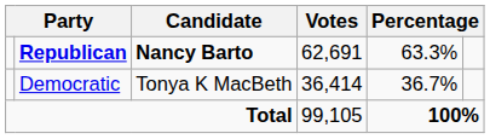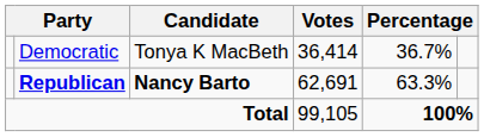 <table class="wikitable" style="text-align:right;">
 <tr style="background-color:#E9E9E9;text-align:center;">
 <th colspan=2>Party</th>
 <th>Candidate</th>
 <th>Votes</th>
 <th colspan=2>Percentage</th>
+</tr>
+<tr>
+<td style="background-color:"></td>
+<td style="text-align:left;"><a href='#'>Democratic</a></td>
+<td style="text-align:left;">Tonya K MacBeth</td>
+<td style="text-align:right;">36,414</td>
+<td style="text-align:right;">36.7%</td>
+<td style="text-align:right;"><div><div> </div></div></td>
 </tr>
 <tr>
 <td style="background-color:"></td>
 <td style="text-align:left;"><strong><a href='#'>Republican</a></strong></td>
 <td style="text-align:left;"><strong>Nancy Barto</strong></td>
 <td style="text-align:right;">62,691</td>
 <td style="text-align:right;">63.3%</td>
 <td style="text-align:right;"><div><div> </div></div></td>
 </tr>
 <tr>
-<td style="background-color:"></td>
-<td style="text-align:left;"><a href='#'>Democratic</a></td>
-<td style="text-align:left;">Tonya K MacBeth</td>
-<td style="text-align:right;">36,414</td>
-<td style="text-align:right;">36.7%</td>
-<td style="text-align:right;"><div><div> </div></div></td>
-</tr>
-<tr>
 <td colspan="3" style="text-align:right;"><strong>Total</strong></td>
 <td style="text-align:right;">99,105</td>
 <td style="text-align:right;" colspan=2><strong>100%</strong></td>
 </tr>
 </table>
